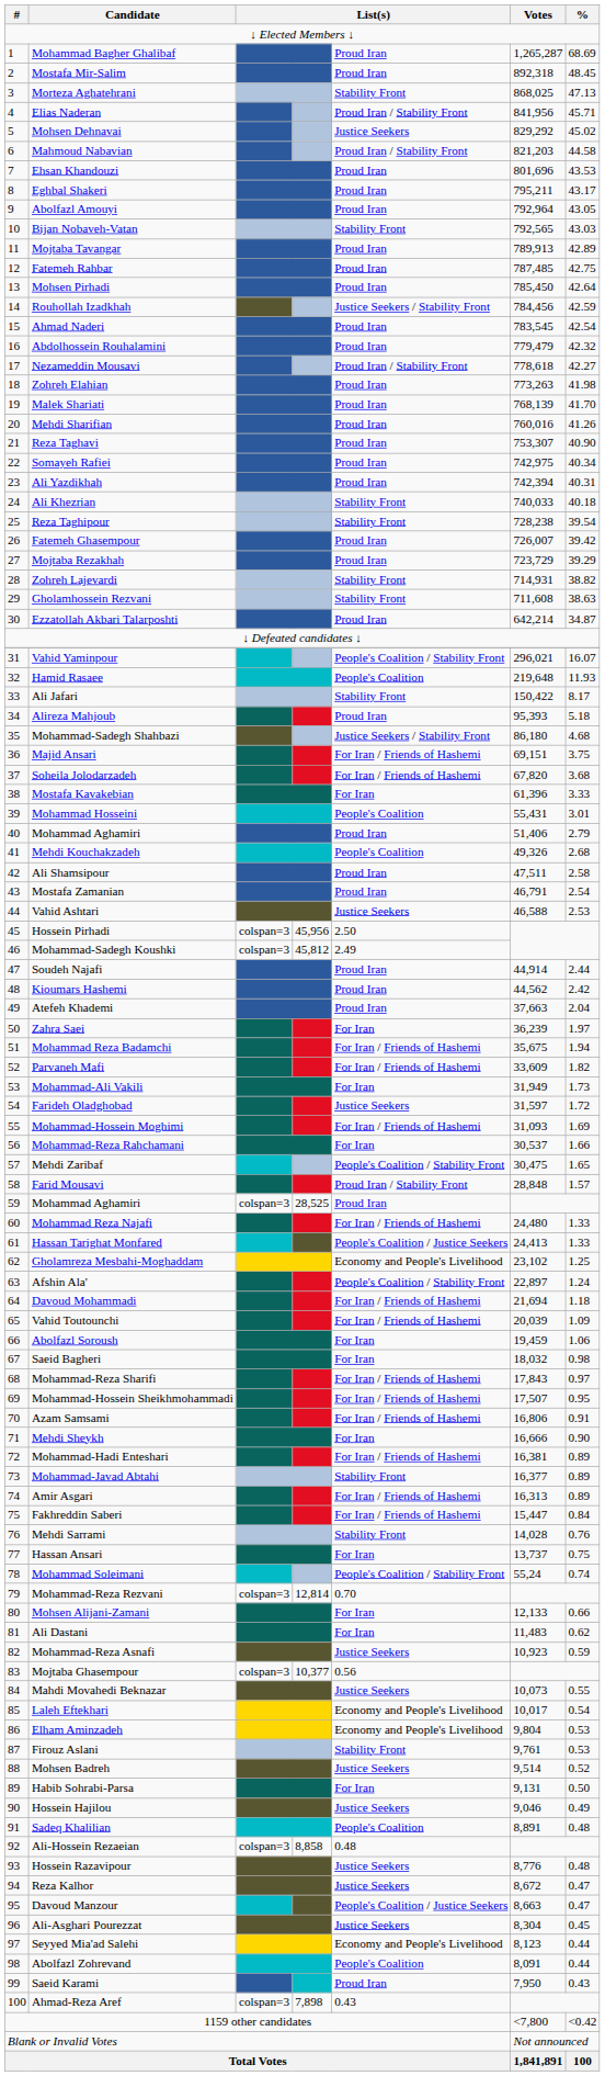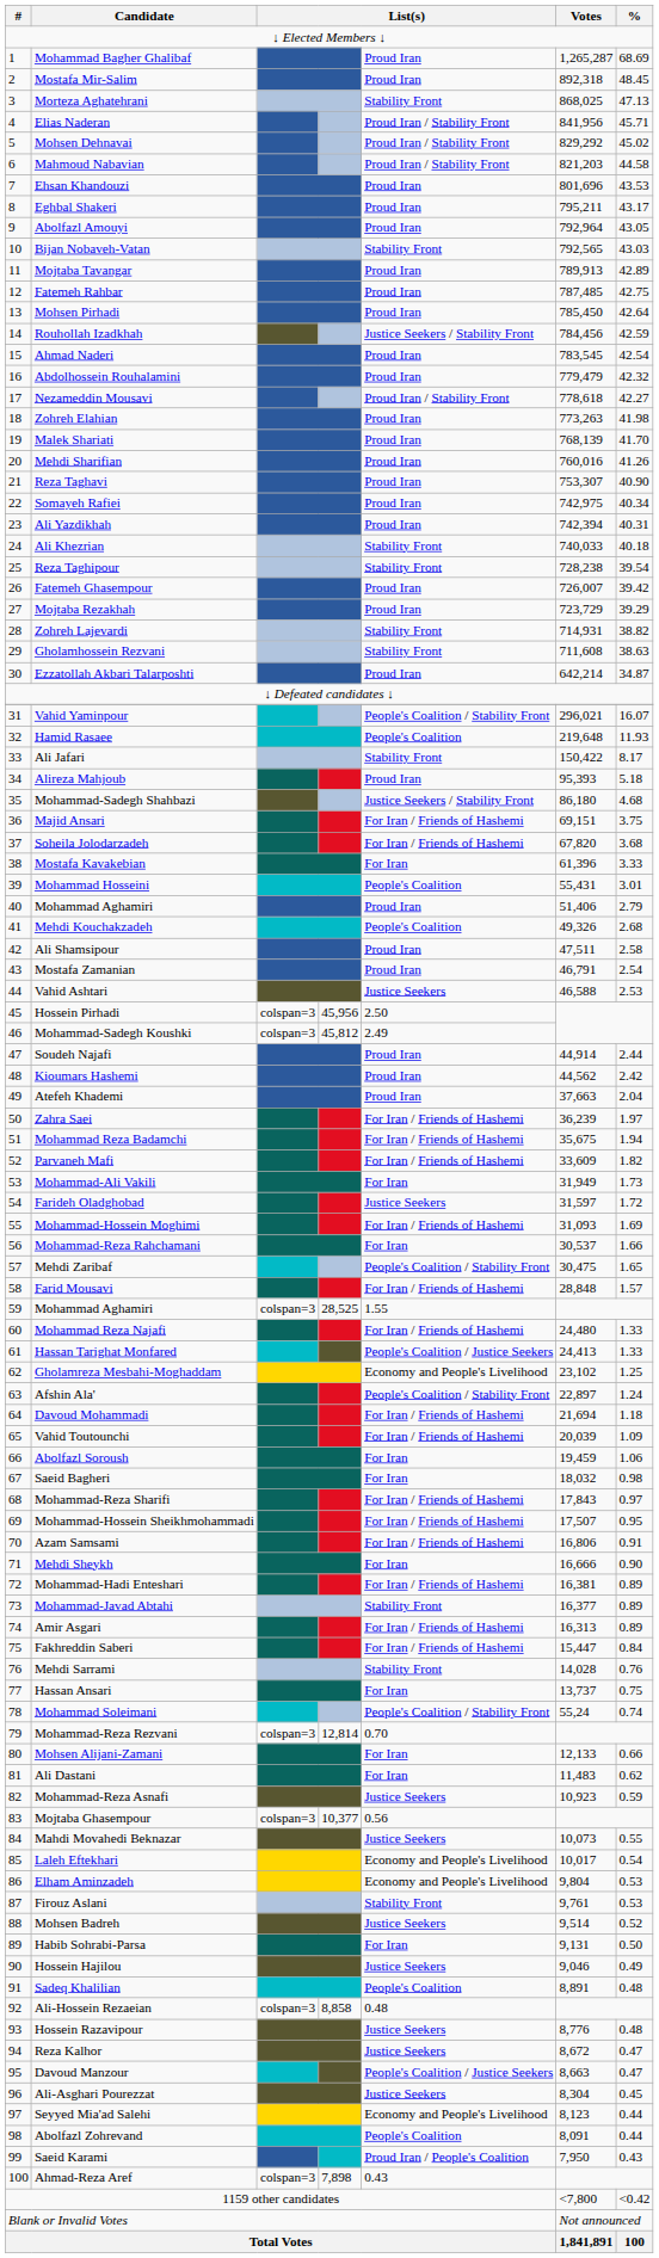 <table class="wikitable">
 <tr>
 <th>#</th>
 <th>Candidate</th>
 <th colspan="3">List(s)</th>
 <th>Votes</th>
 <th>%</th>
 </tr>
 <tr>
 <td align=center colspan="9">↓ <em>Elected Members</em> ↓</td>
 </tr>
 <tr>
 <td>1</td>
 <td><a href='#'>Mohammad Bagher Ghalibaf</a></td>
 <td style="background:#2c599c;" colspan="2"></td>
 <td><a href='#'>Proud Iran</a></td>
 <td>1,265,287</td>
 <td>68.69</td>
 </tr>
 <tr>
 <td>2</td>
 <td><a href='#'>Mostafa Mir-Salim</a></td>
 <td style="background:#2c599c;" colspan="2"></td>
 <td><a href='#'>Proud Iran</a></td>
 <td>892,318</td>
 <td>48.45</td>
 </tr>
 <tr>
 <td>3</td>
 <td><a href='#'>Morteza Aghatehrani</a></td>
 <td style="background:#B0C4DE;" colspan="2"></td>
 <td><a href='#'>Stability Front</a></td>
 <td>868,025</td>
 <td>47.13</td>
 </tr>
 <tr>
 <td>4</td>
 <td><a href='#'>Elias Naderan</a></td>
 <td style="background:#2c599c;"></td>
 <td style="background:#B0C4DE;"></td>
 <td><a href='#'>Proud Iran</a> / <a href='#'>Stability Front</a></td>
 <td>841,956</td>
 <td>45.71</td>
 </tr>
 <tr>
 <td>5</td>
 <td><a href='#'>Mohsen Dehnavai</a></td>
 <td style="background:#2c599c;"></td>
 <td style="background:#B0C4DE;"></td>
-<td><a href='#'>Justice Seekers</a></td>
+<td><a href='#'>Proud Iran</a> / <a href='#'>Stability Front</a></td>
 <td>829,292</td>
 <td>45.02</td>
 </tr>
 <tr>
 <td>6</td>
 <td><a href='#'>Mahmoud Nabavian</a></td>
 <td style="background:#2c599c;"></td>
 <td style="background:#B0C4DE;"></td>
 <td><a href='#'>Proud Iran</a> / <a href='#'>Stability Front</a></td>
 <td>821,203</td>
 <td>44.58</td>
 </tr>
 <tr>
 <td>7</td>
 <td><a href='#'>Ehsan Khandouzi</a></td>
 <td style="background:#2c599c;" colspan="2"></td>
 <td><a href='#'>Proud Iran</a></td>
 <td>801,696</td>
 <td>43.53</td>
 </tr>
 <tr>
 <td>8</td>
 <td><a href='#'>Eghbal Shakeri</a></td>
 <td style="background:#2c599c;" colspan="2"></td>
 <td><a href='#'>Proud Iran</a></td>
 <td>795,211</td>
 <td>43.17</td>
 </tr>
 <tr>
 <td>9</td>
 <td><a href='#'>Abolfazl Amouyi</a></td>
 <td style="background:#2c599c;" colspan="2"></td>
 <td><a href='#'>Proud Iran</a></td>
 <td>792,964</td>
 <td>43.05</td>
 </tr>
 <tr>
 <td>10</td>
 <td><a href='#'>Bijan Nobaveh-Vatan</a></td>
 <td style="background:#B0C4DE;" colspan="2"></td>
 <td><a href='#'>Stability Front</a></td>
 <td>792,565</td>
 <td>43.03</td>
 </tr>
 <tr>
 <td>11</td>
 <td><a href='#'>Mojtaba Tavangar</a></td>
 <td style="background:#2c599c;" colspan="2"></td>
 <td><a href='#'>Proud Iran</a></td>
 <td>789,913</td>
 <td>42.89</td>
 </tr>
 <tr>
 <td>12</td>
 <td><a href='#'>Fatemeh Rahbar</a></td>
 <td style="background:#2c599c;" colspan="2"></td>
 <td><a href='#'>Proud Iran</a></td>
 <td>787,485</td>
 <td>42.75</td>
 </tr>
 <tr>
 <td>13</td>
 <td><a href='#'>Mohsen Pirhadi</a></td>
 <td style="background:#2c599c;" colspan="2"></td>
 <td><a href='#'>Proud Iran</a></td>
 <td>785,450</td>
 <td>42.64</td>
 </tr>
 <tr>
 <td>14</td>
 <td><a href='#'>Rouhollah Izadkhah</a></td>
 <td style="background:#585630;"></td>
 <td style="background:#B0C4DE;"></td>
 <td><a href='#'>Justice Seekers</a> / <a href='#'>Stability Front</a></td>
 <td>784,456</td>
 <td>42.59</td>
 </tr>
 <tr>
 <td>15</td>
 <td><a href='#'>Ahmad Naderi</a></td>
 <td style="background:#2c599c;" colspan="2"></td>
 <td><a href='#'>Proud Iran</a></td>
 <td>783,545</td>
 <td>42.54</td>
 </tr>
 <tr>
 <td>16</td>
 <td><a href='#'>Abdolhossein Rouhalamini</a></td>
 <td style="background:#2c599c;" colspan="2"></td>
 <td><a href='#'>Proud Iran</a></td>
 <td>779,479</td>
 <td>42.32</td>
 </tr>
 <tr>
 <td>17</td>
 <td><a href='#'>Nezameddin Mousavi</a></td>
 <td style="background:#2c599c;"></td>
 <td style="background:#B0C4DE;"></td>
 <td><a href='#'>Proud Iran</a> / <a href='#'>Stability Front</a></td>
 <td>778,618</td>
 <td>42.27</td>
 </tr>
 <tr>
 <td>18</td>
 <td><a href='#'>Zohreh Elahian</a></td>
 <td style="background:#2c599c;" colspan="2"></td>
 <td><a href='#'>Proud Iran</a></td>
 <td>773,263</td>
 <td>41.98</td>
 </tr>
 <tr>
 <td>19</td>
 <td><a href='#'>Malek Shariati</a></td>
 <td style="background:#2c599c;" colspan="2"></td>
 <td><a href='#'>Proud Iran</a></td>
 <td>768,139</td>
 <td>41.70</td>
 </tr>
 <tr>
 <td>20</td>
 <td><a href='#'>Mehdi Sharifian</a></td>
 <td style="background:#2c599c;" colspan="2"></td>
 <td><a href='#'>Proud Iran</a></td>
 <td>760,016</td>
 <td>41.26</td>
 </tr>
 <tr>
 <td>21</td>
 <td><a href='#'>Reza Taghavi</a></td>
 <td style="background:#2c599c;" colspan="2"></td>
 <td><a href='#'>Proud Iran</a></td>
 <td>753,307</td>
 <td>40.90</td>
 </tr>
 <tr>
 <td>22</td>
 <td><a href='#'>Somayeh Rafiei</a></td>
 <td style="background:#2c599c;" colspan="2"></td>
 <td><a href='#'>Proud Iran</a></td>
 <td>742,975</td>
 <td>40.34</td>
 </tr>
 <tr>
 <td>23</td>
 <td><a href='#'>Ali Yazdikhah</a></td>
 <td style="background:#2c599c;" colspan="2"></td>
 <td><a href='#'>Proud Iran</a></td>
 <td>742,394</td>
 <td>40.31</td>
 </tr>
 <tr>
 <td>24</td>
 <td><a href='#'>Ali Khezrian</a></td>
 <td style="background:#B0C4DE;" colspan="2"></td>
 <td><a href='#'>Stability Front</a></td>
 <td>740,033</td>
 <td>40.18</td>
 </tr>
 <tr>
 <td>25</td>
 <td><a href='#'>Reza Taghipour</a></td>
 <td style="background:#B0C4DE;" colspan="2"></td>
 <td><a href='#'>Stability Front</a></td>
 <td>728,238</td>
 <td>39.54</td>
 </tr>
 <tr>
 <td>26</td>
 <td><a href='#'>Fatemeh Ghasempour</a></td>
 <td style="background:#2c599c;" colspan="2"></td>
 <td><a href='#'>Proud Iran</a></td>
 <td>726,007</td>
 <td>39.42</td>
 </tr>
 <tr>
 <td>27</td>
 <td><a href='#'>Mojtaba Rezakhah</a></td>
 <td style="background:#2c599c;" colspan="2"></td>
 <td><a href='#'>Proud Iran</a></td>
 <td>723,729</td>
 <td>39.29</td>
 </tr>
 <tr>
 <td>28</td>
 <td><a href='#'>Zohreh Lajevardi</a></td>
 <td style="background:#B0C4DE;" colspan="2"></td>
 <td><a href='#'>Stability Front</a></td>
 <td>714,931</td>
 <td>38.82</td>
 </tr>
 <tr>
 <td>29</td>
 <td><a href='#'>Gholamhossein Rezvani</a></td>
 <td style="background:#B0C4DE;" colspan="2"></td>
 <td><a href='#'>Stability Front</a></td>
 <td>711,608</td>
 <td>38.63</td>
 </tr>
 <tr>
 <td>30</td>
 <td><a href='#'>Ezzatollah Akbari Talarposhti</a></td>
 <td style="background:#2c599c;" colspan="2"></td>
 <td><a href='#'>Proud Iran</a></td>
 <td>642,214</td>
 <td>34.87</td>
 </tr>
 <tr>
 <td align=center colspan="9">↓ <em>Defeated candidates</em> ↓</td>
 </tr>
 <tr>
 </tr>
 <tr>
 <td>31</td>
 <td><a href='#'>Vahid Yaminpour</a></td>
 <td style="background:#02bac6;"></td>
 <td style="background:#B0C4DE;"></td>
 <td><a href='#'>People's Coalition</a> / <a href='#'>Stability Front</a></td>
 <td>296,021</td>
 <td>16.07</td>
 </tr>
 <tr>
 <td>32</td>
 <td><a href='#'>Hamid Rasaee</a></td>
 <td style="background:#02bac6;" colspan="2"></td>
 <td><a href='#'>People's Coalition</a></td>
 <td>219,648</td>
 <td>11.93</td>
 </tr>
 <tr>
 <td>33</td>
 <td>Ali Jafari</td>
 <td style="background:#B0C4DE;" colspan="2"></td>
 <td><a href='#'>Stability Front</a></td>
 <td>150,422</td>
 <td>8.17</td>
 </tr>
 <tr>
 <td>34</td>
 <td><a href='#'>Alireza Mahjoub</a></td>
 <td style="background:#09645e;"></td>
 <td style="background:#E30E21;"></td>
 <td><a href='#'>Proud Iran</a></td>
 <td>95,393</td>
 <td>5.18</td>
 </tr>
 <tr>
 <td>35</td>
 <td>Mohammad-Sadegh Shahbazi</td>
 <td style="background:#585630;"></td>
 <td style="background:#B0C4DE;"></td>
 <td><a href='#'>Justice Seekers</a> / <a href='#'>Stability Front</a></td>
 <td>86,180</td>
 <td>4.68</td>
 </tr>
 <tr>
 <td>36</td>
 <td><a href='#'>Majid Ansari</a></td>
 <td style="background:#09645e;"></td>
 <td style="background:#E30E21;"></td>
 <td><a href='#'>For Iran</a> / <a href='#'>Friends of Hashemi</a></td>
 <td>69,151</td>
 <td>3.75</td>
 </tr>
 <tr>
 <td>37</td>
 <td><a href='#'>Soheila Jolodarzadeh</a></td>
 <td style="background:#09645e;"></td>
 <td style="background:#E30E21;"></td>
 <td><a href='#'>For Iran</a> / <a href='#'>Friends of Hashemi</a></td>
 <td>67,820</td>
 <td>3.68</td>
 </tr>
 <tr>
 <td>38</td>
 <td><a href='#'>Mostafa Kavakebian</a></td>
 <td style="background:#09645e;" colspan="2"></td>
 <td><a href='#'>For Iran</a></td>
 <td>61,396</td>
 <td>3.33</td>
 </tr>
 <tr>
 <td>39</td>
 <td><a href='#'>Mohammad Hosseini</a></td>
 <td style="background:#02bac6;" colspan="2"></td>
 <td><a href='#'>People's Coalition</a></td>
 <td>55,431</td>
 <td>3.01</td>
 </tr>
 <tr>
 <td>40</td>
 <td>Mohammad Aghamiri</td>
 <td style="background:#2c599c;" colspan="2"></td>
 <td><a href='#'>Proud Iran</a></td>
 <td>51,406</td>
 <td>2.79</td>
 </tr>
 <tr>
 <td>41</td>
 <td><a href='#'>Mehdi Kouchakzadeh</a></td>
 <td style="background:#02bac6;" colspan="2"></td>
 <td><a href='#'>People's Coalition</a></td>
 <td>49,326</td>
 <td>2.68</td>
 </tr>
 <tr>
 <td>42</td>
 <td>Ali Shamsipour</td>
 <td style="background:#2c599c;" colspan="2"></td>
 <td><a href='#'>Proud Iran</a></td>
 <td>47,511</td>
 <td>2.58</td>
 </tr>
 <tr>
 <td>43</td>
 <td>Mostafa Zamanian</td>
 <td style="background:#2c599c;" colspan="2"></td>
 <td><a href='#'>Proud Iran</a></td>
 <td>46,791</td>
 <td>2.54</td>
 </tr>
 <tr>
 <td>44</td>
 <td>Vahid Ashtari</td>
 <td style="background:#585630;" colspan="2"></td>
 <td><a href='#'>Justice Seekers</a></td>
 <td>46,588</td>
 <td>2.53</td>
 </tr>
 <tr>
 <td>45</td>
 <td>Hossein Pirhadi</td>
 <td>colspan=3 </td>
 <td>45,956</td>
 <td>2.50</td>
 </tr>
 <tr>
 <td>46</td>
 <td>Mohammad-Sadegh Koushki</td>
 <td>colspan=3 </td>
 <td>45,812</td>
 <td>2.49</td>
 </tr>
 <tr>
 <td>47</td>
 <td>Soudeh Najafi</td>
 <td style="background:#2c599c;" colspan="2"></td>
 <td><a href='#'>Proud Iran</a></td>
 <td>44,914</td>
 <td>2.44</td>
 </tr>
 <tr>
 <td>48</td>
 <td><a href='#'>Kioumars Hashemi</a></td>
 <td style="background:#2c599c;" colspan="2"></td>
 <td><a href='#'>Proud Iran</a></td>
 <td>44,562</td>
 <td>2.42</td>
 </tr>
 <tr>
 <td>49</td>
 <td>Atefeh Khademi</td>
 <td style="background:#2c599c;" colspan="2"></td>
 <td><a href='#'>Proud Iran</a></td>
 <td>37,663</td>
 <td>2.04</td>
 </tr>
 <tr>
 <td>50</td>
 <td><a href='#'>Zahra Saei</a></td>
 <td style="background:#09645e;"></td>
 <td style="background:#E30E21;"></td>
-<td><a href='#'>For Iran</a></td>
+<td><a href='#'>For Iran</a> / <a href='#'>Friends of Hashemi</a></td>
 <td>36,239</td>
 <td>1.97</td>
 </tr>
 <tr>
 <td>51</td>
 <td><a href='#'>Mohammad Reza Badamchi</a></td>
 <td style="background:#09645e;"></td>
 <td style="background:#E30E21;"></td>
 <td><a href='#'>For Iran</a> / <a href='#'>Friends of Hashemi</a></td>
 <td>35,675</td>
 <td>1.94</td>
 </tr>
 <tr>
 <td>52</td>
 <td><a href='#'>Parvaneh Mafi</a></td>
 <td style="background:#09645e;"></td>
 <td style="background:#E30E21;"></td>
 <td><a href='#'>For Iran</a> / <a href='#'>Friends of Hashemi</a></td>
 <td>33,609</td>
 <td>1.82</td>
 </tr>
 <tr>
 <td>53</td>
 <td><a href='#'>Mohammad-Ali Vakili</a></td>
 <td style="background:#09645e;" colspan="2"></td>
 <td><a href='#'>For Iran</a></td>
 <td>31,949</td>
 <td>1.73</td>
 </tr>
 <tr>
 <td>54</td>
 <td><a href='#'>Farideh Oladghobad</a></td>
 <td style="background:#09645e;"></td>
 <td style="background:#E30E21;"></td>
 <td><a href='#'>Justice Seekers</a></td>
 <td>31,597</td>
 <td>1.72</td>
 </tr>
 <tr>
 <td>55</td>
 <td><a href='#'>Mohammad-Hossein Moghimi</a></td>
 <td style="background:#09645e;"></td>
 <td style="background:#E30E21;"></td>
 <td><a href='#'>For Iran</a> / <a href='#'>Friends of Hashemi</a></td>
 <td>31,093</td>
 <td>1.69</td>
 </tr>
 <tr>
 <td>56</td>
 <td><a href='#'>Mohammad-Reza Rahchamani</a></td>
 <td style="background:#09645e;" colspan="2"></td>
 <td><a href='#'>For Iran</a></td>
 <td>30,537</td>
 <td>1.66</td>
 </tr>
 <tr>
 <td>57</td>
 <td>Mehdi Zaribaf</td>
 <td style="background:#02bac6;"></td>
 <td style="background:#B0C4DE;"></td>
 <td><a href='#'>People's Coalition</a> / <a href='#'>Stability Front</a></td>
 <td>30,475</td>
 <td>1.65</td>
 </tr>
 <tr>
 <td>58</td>
 <td><a href='#'>Farid Mousavi</a></td>
 <td style="background:#09645e;"></td>
 <td style="background:#E30E21;"></td>
-<td><a href='#'>Proud Iran</a> / <a href='#'>Stability Front</a></td>
+<td><a href='#'>For Iran</a> / <a href='#'>Friends of Hashemi</a></td>
 <td>28,848</td>
 <td>1.57</td>
 </tr>
 <tr>
 <td>59</td>
 <td>Mohammad Aghamiri</td>
 <td>colspan=3 </td>
 <td>28,525</td>
-<td><a href='#'>Proud Iran</a></td>
+<td>1.55</td>
 </tr>
 <tr>
 <td>60</td>
 <td><a href='#'>Mohammad Reza Najafi</a></td>
 <td style="background:#09645e;"></td>
 <td style="background:#E30E21;"></td>
 <td><a href='#'>For Iran</a> / <a href='#'>Friends of Hashemi</a></td>
 <td>24,480</td>
 <td>1.33</td>
 </tr>
 <tr>
 <td>61</td>
 <td><a href='#'>Hassan Tarighat Monfared</a></td>
 <td style="background:#02bac6;"></td>
 <td style="background:#585630;"></td>
 <td><a href='#'>People's Coalition</a> / <a href='#'>Justice Seekers</a></td>
 <td>24,413</td>
 <td>1.33</td>
 </tr>
 <tr>
 <td>62</td>
 <td><a href='#'>Gholamreza Mesbahi-Moghaddam</a></td>
 <td style="background:#ffd700;"  colspan="2"></td>
 <td>Economy and People's Livelihood</td>
 <td>23,102</td>
 <td>1.25</td>
 </tr>
 <tr>
 <td>63</td>
 <td>Afshin Ala'</td>
 <td style="background:#09645e;"></td>
 <td style="background:#E30E21;"></td>
 <td><a href='#'>People's Coalition</a> / <a href='#'>Stability Front</a></td>
 <td>22,897</td>
 <td>1.24</td>
 </tr>
 <tr>
 <td>64</td>
 <td><a href='#'>Davoud Mohammadi</a></td>
 <td style="background:#09645e;"></td>
 <td style="background:#E30E21;"></td>
 <td><a href='#'>For Iran</a> / <a href='#'>Friends of Hashemi</a></td>
 <td>21,694</td>
 <td>1.18</td>
 </tr>
 <tr>
 <td>65</td>
 <td>Vahid Toutounchi</td>
 <td style="background:#09645e;"></td>
 <td style="background:#E30E21;"></td>
 <td><a href='#'>For Iran</a> / <a href='#'>Friends of Hashemi</a></td>
 <td>20,039</td>
 <td>1.09</td>
 </tr>
 <tr>
 <td>66</td>
 <td><a href='#'>Abolfazl Soroush</a></td>
 <td style="background:#09645e;" colspan="2"></td>
 <td><a href='#'>For Iran</a></td>
 <td>19,459</td>
 <td>1.06</td>
 </tr>
 <tr>
 <td>67</td>
 <td>Saeid Bagheri</td>
 <td style="background:#09645e;" colspan="2"></td>
 <td><a href='#'>For Iran</a></td>
 <td>18,032</td>
 <td>0.98</td>
 </tr>
 <tr>
 <td>68</td>
 <td>Mohammad-Reza Sharifi</td>
 <td style="background:#09645e;"></td>
 <td style="background:#E30E21;"></td>
 <td><a href='#'>For Iran</a> / <a href='#'>Friends of Hashemi</a></td>
 <td>17,843</td>
 <td>0.97</td>
 </tr>
 <tr>
 <td>69</td>
 <td>Mohammad-Hossein Sheikhmohammadi</td>
 <td style="background:#09645e;"></td>
 <td style="background:#E30E21;"></td>
 <td><a href='#'>For Iran</a> / <a href='#'>Friends of Hashemi</a></td>
 <td>17,507</td>
 <td>0.95</td>
 </tr>
 <tr>
 <td>70</td>
 <td>Azam Samsami</td>
 <td style="background:#09645e;"></td>
 <td style="background:#E30E21;"></td>
 <td><a href='#'>For Iran</a> / <a href='#'>Friends of Hashemi</a></td>
 <td>16,806</td>
 <td>0.91</td>
 </tr>
 <tr>
 <td>71</td>
 <td><a href='#'>Mehdi Sheykh</a></td>
 <td style="background:#09645e;" colspan="2"></td>
 <td><a href='#'>For Iran</a></td>
 <td>16,666</td>
 <td>0.90</td>
 </tr>
 <tr>
 <td>72</td>
 <td>Mohammad-Hadi Enteshari</td>
 <td style="background:#09645e;"></td>
 <td style="background:#E30E21;"></td>
 <td><a href='#'>For Iran</a> / <a href='#'>Friends of Hashemi</a></td>
 <td>16,381</td>
 <td>0.89</td>
 </tr>
 <tr>
 <td>73</td>
 <td><a href='#'>Mohammad-Javad Abtahi</a></td>
 <td style="background:#B0C4DE;" colspan="2"></td>
 <td><a href='#'>Stability Front</a></td>
 <td>16,377</td>
 <td>0.89</td>
 </tr>
 <tr>
 <td>74</td>
 <td>Amir Asgari</td>
 <td style="background:#09645e;"></td>
 <td style="background:#E30E21;"></td>
 <td><a href='#'>For Iran</a> / <a href='#'>Friends of Hashemi</a></td>
 <td>16,313</td>
 <td>0.89</td>
 </tr>
 <tr>
 <td>75</td>
 <td>Fakhreddin Saberi</td>
 <td style="background:#09645e;"></td>
 <td style="background:#E30E21;"></td>
 <td><a href='#'>For Iran</a> / <a href='#'>Friends of Hashemi</a></td>
 <td>15,447</td>
 <td>0.84</td>
 </tr>
 <tr>
 <td>76</td>
 <td>Mehdi Sarrami</td>
 <td style="background:#B0C4DE;" colspan="2"></td>
 <td><a href='#'>Stability Front</a></td>
 <td>14,028</td>
 <td>0.76</td>
 </tr>
 <tr>
 <td>77</td>
 <td>Hassan Ansari</td>
 <td style="background:#09645e;" colspan="2"></td>
 <td><a href='#'>For Iran</a></td>
 <td>13,737</td>
 <td>0.75</td>
 </tr>
 <tr>
 <td>78</td>
 <td><a href='#'>Mohammad Soleimani</a></td>
 <td style="background:#02bac6;"></td>
 <td style="background:#B0C4DE;"></td>
 <td><a href='#'>People's Coalition</a> / <a href='#'>Stability Front</a></td>
 <td>55,24</td>
 <td>0.74</td>
 </tr>
 <tr>
 <td>79</td>
 <td>Mohammad-Reza Rezvani</td>
 <td>colspan=3 </td>
 <td>12,814</td>
 <td>0.70</td>
 </tr>
 <tr>
 <td>80</td>
 <td><a href='#'>Mohsen Alijani-Zamani</a></td>
 <td style="background:#09645e;" colspan="2"></td>
 <td><a href='#'>For Iran</a></td>
 <td>12,133</td>
 <td>0.66</td>
 </tr>
 <tr>
 <td>81</td>
 <td>Ali Dastani</td>
 <td style="background:#09645e;" colspan="2"></td>
 <td><a href='#'>For Iran</a></td>
 <td>11,483</td>
 <td>0.62</td>
 </tr>
 <tr>
 <td>82</td>
 <td>Mohammad-Reza Asnafi</td>
 <td style="background:#585630;" colspan="2"></td>
 <td><a href='#'>Justice Seekers</a></td>
 <td>10,923</td>
 <td>0.59</td>
 </tr>
 <tr>
 <td>83</td>
 <td>Mojtaba Ghasempour</td>
 <td>colspan=3 </td>
 <td>10,377</td>
 <td>0.56</td>
 </tr>
 <tr>
 <td>84</td>
 <td>Mahdi Movahedi Beknazar</td>
 <td style="background:#585630;" colspan="2"></td>
 <td><a href='#'>Justice Seekers</a></td>
 <td>10,073</td>
 <td>0.55</td>
 </tr>
 <tr>
 <td>85</td>
 <td><a href='#'>Laleh Eftekhari</a></td>
 <td style="background:#ffd700;"  colspan="2"></td>
 <td>Economy and People's Livelihood</td>
 <td>10,017</td>
 <td>0.54</td>
 </tr>
 <tr>
 <td>86</td>
 <td><a href='#'>Elham Aminzadeh</a></td>
 <td style="background:#ffd700;"  colspan="2"></td>
 <td>Economy and People's Livelihood</td>
 <td>9,804</td>
 <td>0.53</td>
 </tr>
 <tr>
 <td>87</td>
 <td>Firouz Aslani</td>
 <td style="background:#B0C4DE;" colspan="2"></td>
 <td><a href='#'>Stability Front</a></td>
 <td>9,761</td>
 <td>0.53</td>
 </tr>
 <tr>
 <td>88</td>
 <td>Mohsen Badreh</td>
 <td style="background:#585630;" colspan="2"></td>
 <td><a href='#'>Justice Seekers</a></td>
 <td>9,514</td>
 <td>0.52</td>
 </tr>
 <tr>
 <td>89</td>
 <td>Habib Sohrabi-Parsa</td>
 <td style="background:#09645e;" colspan="2"></td>
 <td><a href='#'>For Iran</a></td>
 <td>9,131</td>
 <td>0.50</td>
 </tr>
 <tr>
 <td>90</td>
 <td>Hossein Hajilou</td>
 <td style="background:#585630;" colspan="2"></td>
 <td><a href='#'>Justice Seekers</a></td>
 <td>9,046</td>
 <td>0.49</td>
 </tr>
 <tr>
 <td>91</td>
 <td><a href='#'>Sadeq Khalilian</a></td>
 <td style="background:#02bac6;" colspan="2"></td>
 <td><a href='#'>People's Coalition</a></td>
 <td>8,891</td>
 <td>0.48</td>
 </tr>
 <tr>
 <td>92</td>
 <td>Ali-Hossein Rezaeian</td>
 <td>colspan=3 </td>
 <td>8,858</td>
 <td>0.48</td>
 </tr>
 <tr>
 <td>93</td>
 <td>Hossein Razavipour</td>
 <td style="background:#585630;" colspan="2"></td>
 <td><a href='#'>Justice Seekers</a></td>
 <td>8,776</td>
 <td>0.48</td>
 </tr>
 <tr>
 <td>94</td>
 <td>Reza Kalhor</td>
 <td style="background:#585630;" colspan="2"></td>
 <td><a href='#'>Justice Seekers</a></td>
 <td>8,672</td>
 <td>0.47</td>
 </tr>
 <tr>
 <td>95</td>
 <td>Davoud Manzour</td>
 <td style="background:#02bac6;"></td>
 <td style="background:#585630;"></td>
 <td><a href='#'>People's Coalition</a> / <a href='#'>Justice Seekers</a></td>
 <td>8,663</td>
 <td>0.47</td>
 </tr>
 <tr>
 <td>96</td>
 <td>Ali-Asghari Pourezzat</td>
 <td style="background:#585630;" colspan="2"></td>
 <td><a href='#'>Justice Seekers</a></td>
 <td>8,304</td>
 <td>0.45</td>
 </tr>
 <tr>
 <td>97</td>
 <td>Seyyed Mia'ad Salehi</td>
 <td style="background:#ffd700;"  colspan="2"></td>
 <td>Economy and People's Livelihood</td>
 <td>8,123</td>
 <td>0.44</td>
 </tr>
 <tr>
 <td>98</td>
 <td>Abolfazl Zohrevand</td>
 <td style="background:#02bac6;" colspan="2"></td>
 <td><a href='#'>People's Coalition</a></td>
 <td>8,091</td>
 <td>0.44</td>
 </tr>
 <tr>
 <td>99</td>
 <td>Saeid Karami</td>
 <td style="background:#2c599c;"></td>
 <td style="background:#02bac6;"></td>
-<td><a href='#'>Proud Iran</a></td>
+<td><a href='#'>Proud Iran</a> / <a href='#'>People's Coalition</a></td>
 <td>7,950</td>
 <td>0.43</td>
 </tr>
 <tr>
 <td>100</td>
 <td>Ahmad-Reza Aref</td>
 <td>colspan=3 </td>
 <td>7,898</td>
 <td>0.43</td>
 </tr>
 <tr>
 <td align=center colspan="5">1159 other candidates</td>
 <td><7,800</td>
 <td><0.42</td>
 </tr>
 <tr>
 <td colspan="5"><em>Blank or Invalid Votes</em></td>
 <td colspan="2"><em>Not announced</em></td>
 </tr>
 <tr>
 <th colspan="5">Total Votes</th>
 <th>1,841,891</th>
 <th>100</th>
 </tr>
 </table>
